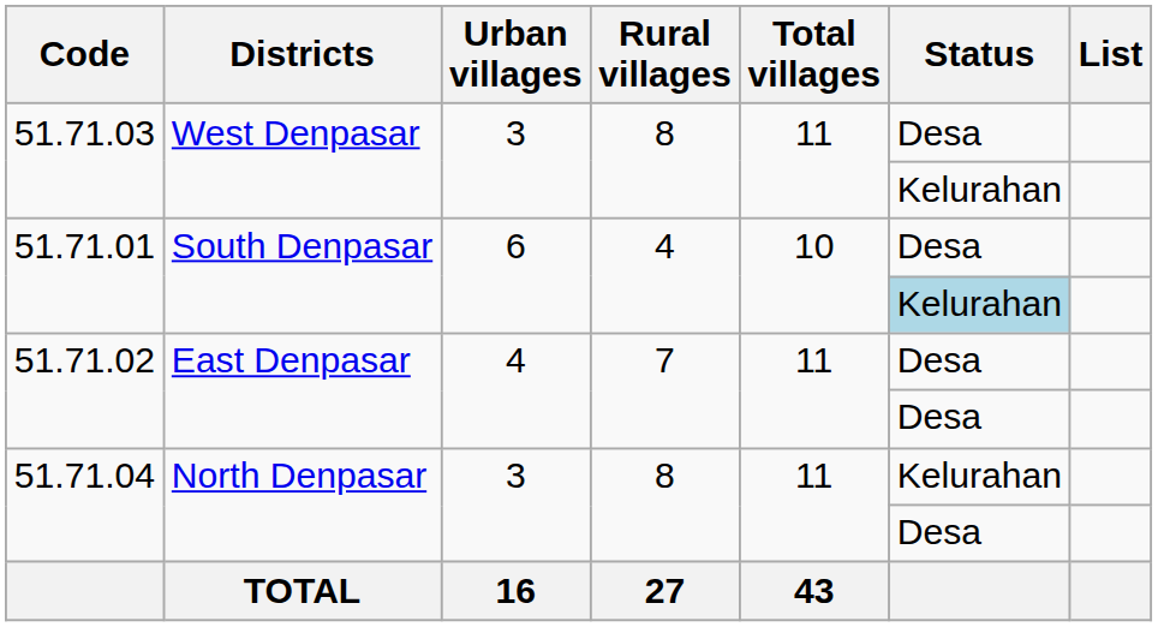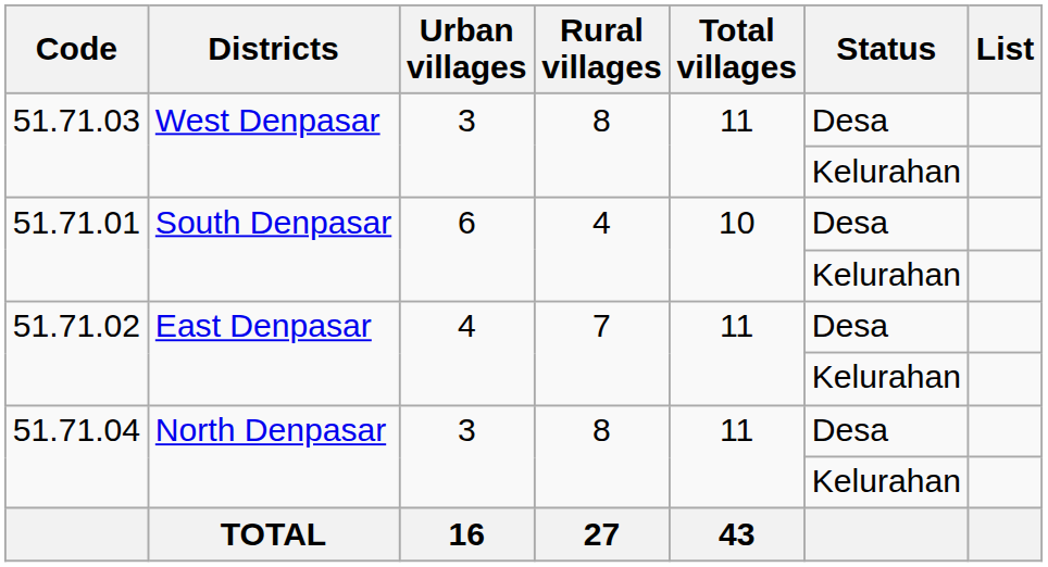 <table class="wikitable sortable">
 <tr>
 <th>Code</th>
 <th>Districts</th>
 <th>Urban<br>villages</th>
 <th>Rural<br>villages</th>
 <th>Total<br>villages</th>
 <th>Status</th>
 <th>List</th>
 </tr>
 <tr valign="top">
 <td rowspan="2">51.71.03</td>
 <td rowspan="2"><a href='#'>West Denpasar</a></td>
 <td rowspan="2" align="center">3</td>
 <td rowspan="2" align="center">8</td>
 <td rowspan="2" align="center">11</td>
 <td>Desa</td>
 <td></td>
 </tr>
 <tr>
 <td>Kelurahan</td>
 <td></td>
 </tr>
 <tr valign="top">
 <td rowspan="2">51.71.01</td>
 <td rowspan="2"><a href='#'>South Denpasar</a></td>
 <td rowspan="2" align="center">6</td>
 <td rowspan="2" align="center">4</td>
 <td rowspan="2" align="center">10</td>
 <td>Desa</td>
 <td></td>
 </tr>
 <tr>
-<td style="background: lightblue;">Kelurahan</td>
+<td>Kelurahan</td>
 <td></td>
 </tr>
 <tr valign="top">
 <td rowspan="2">51.71.02</td>
 <td rowspan="2"><a href='#'>East Denpasar</a></td>
 <td rowspan="2" align="center">4</td>
 <td rowspan="2" align="center">7</td>
 <td rowspan="2" align="center">11</td>
 <td>Desa</td>
 <td></td>
 </tr>
 <tr>
-<td>Desa</td>
+<td>Kelurahan</td>
 <td></td>
 </tr>
 <tr valign="top">
 <td rowspan="2">51.71.04</td>
 <td rowspan="2"><a href='#'>North Denpasar</a></td>
 <td rowspan="2" align="center">3</td>
 <td rowspan="2" align="center">8</td>
 <td rowspan="2" align="center">11</td>
-<td>Kelurahan</td>
+<td>Desa</td>
 <td></td>
 </tr>
 <tr>
-<td>Desa</td>
+<td>Kelurahan</td>
 <td></td>
 </tr>
 <tr valign="top" style="background-color: #ccc;">
 <th></th>
 <th>TOTAL</th>
 <th>16</th>
 <th>27</th>
 <th>43</th>
 <th></th>
 <th></th>
 </tr>
 </table>
